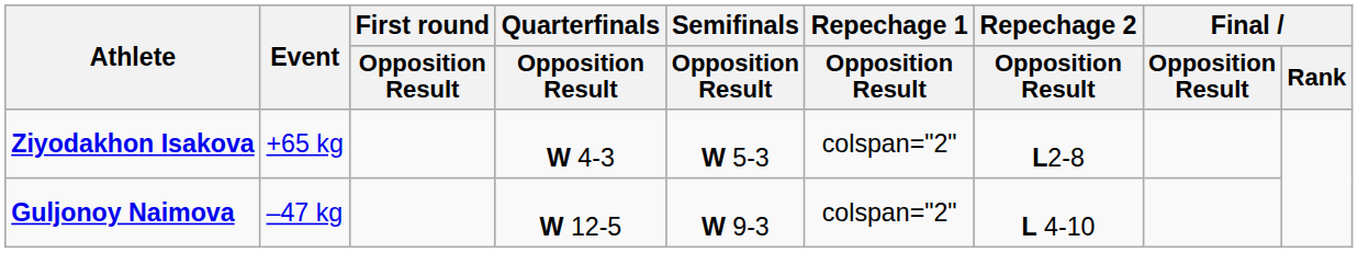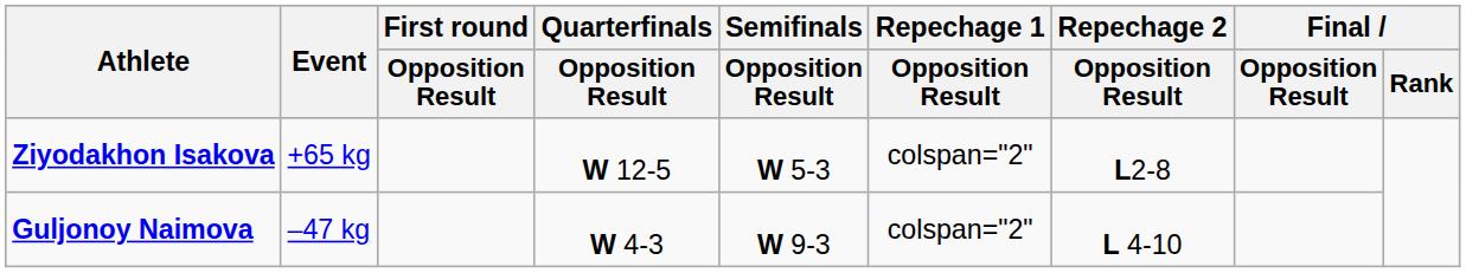 <table class="wikitable" style="font-size:90%;">
 <tr>
 <th rowspan=2>Athlete</th>
 <th rowspan=2>Event</th>
 <th>First round</th>
 <th>Quarterfinals</th>
 <th>Semifinals</th>
 <th>Repechage 1</th>
 <th>Repechage 2</th>
 <th colspan=2>Final / </th>
 </tr>
 <tr style="font-size:95%">
 <th>Opposition<br>Result</th>
 <th>Opposition<br>Result</th>
 <th>Opposition<br>Result</th>
 <th>Opposition<br>Result</th>
 <th>Opposition<br>Result</th>
 <th>Opposition<br>Result</th>
 <th>Rank</th>
 </tr>
 <tr align=center>
 <td align=left><strong><a href='#'>Ziyodakhon Isakova</a></strong></td>
 <td align=left><a href='#'>+65 kg</a></td>
 <td></td>
-<td><br><strong>W</strong> 4-3</td>
+<td><br><strong>W</strong> 12-5</td>
 <td><br><strong>W</strong> 5-3</td>
 <td>colspan="2" </td>
 <td><br><strong>L</strong>2-8</td>
 <td></td>
 </tr>
 <tr align=center>
 <td align=left><strong><a href='#'>Guljonoy Naimova</a></strong></td>
 <td align=left><a href='#'>–47 kg</a></td>
 <td></td>
-<td><br><strong>W</strong> 12-5</td>
+<td><br><strong>W</strong> 4-3</td>
 <td><br><strong>W</strong> 9-3</td>
 <td>colspan="2" </td>
 <td><br><strong>L</strong> 4-10</td>
 <td></td>
 </tr>
 </table>
